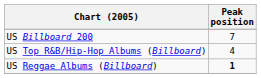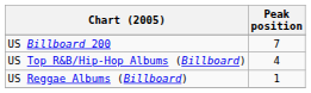 <table class="wikitable sortable plainrowheaders">
 <tr>
 <th scope="col">Chart (2005)</th>
 <th scope="col">Peak<br>position</th>
 </tr>
 <tr>
 </tr>
 <tr>
 </tr>
 <tr>
 <td>US <a href='#'><em>Billboard</em> 200</a></td>
 <td style="text-align:center;">7</td>
 </tr>
 <tr>
 <td>US <a href='#'>Top R&B/Hip-Hop Albums</a> (<a href='#'><em>Billboard</em></a>)</td>
 <td style="text-align:center;">4</td>
 </tr>
 <tr>
 <td>US <a href='#'>Reggae Albums</a> (<a href='#'><em>Billboard</em></a>)</td>
-<td style="text-align:center;"><strong>1</strong></td>
+<td style="text-align:center;">1</td>
 </tr>
 <tr>
 </tr>
 </table>
